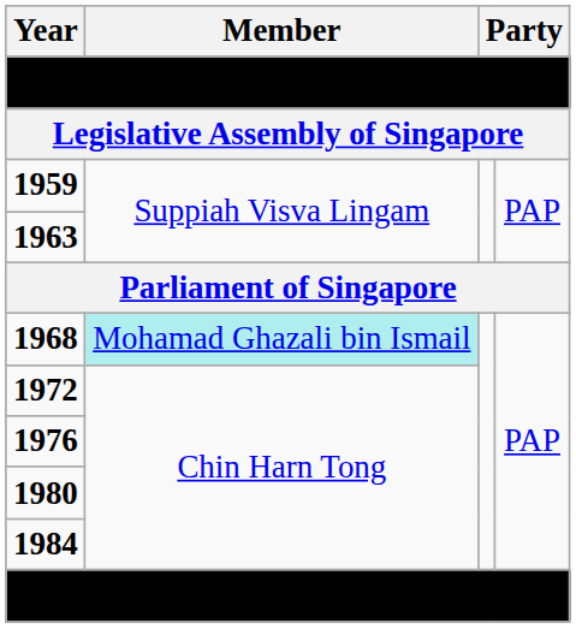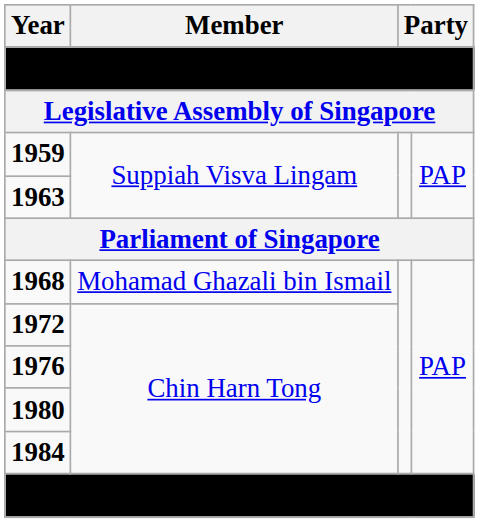 <table class="wikitable" align="center" style="text-align:center">
 <tr>
 <th>Year</th>
 <th>Member</th>
 <th colspan="2">Party</th>
 </tr>
 <tr>
 </tr>
 <tr>
 <td colspan=4 bgcolor=black><span><strong>Formation</strong></span></td>
 </tr>
 <tr>
 <th colspan="4"><a href='#'>Legislative Assembly of Singapore</a></th>
 </tr>
 <tr>
 <td><strong>1959</strong></td>
 <td rowspan="2"><a href='#'>Suppiah Visva Lingam</a></td>
 <td rowspan="2"></td>
 <td rowspan="2"><a href='#'>PAP</a></td>
 </tr>
 <tr>
 <td><strong>1963</strong></td>
 </tr>
 <tr>
 <th colspan="4"><a href='#'>Parliament of Singapore</a></th>
 </tr>
 <tr>
 <td><strong>1968</strong></td>
-<td style="background: paleturquoise;"><a href='#'>Mohamad Ghazali bin Ismail</a></td>
+<td><a href='#'>Mohamad Ghazali bin Ismail</a></td>
 <td rowspan="5"></td>
 <td rowspan="5"><a href='#'>PAP</a></td>
 </tr>
 <tr>
 <td><strong>1972</strong></td>
 <td rowspan="4"><a href='#'>Chin Harn Tong</a></td>
 </tr>
 <tr>
 <td><strong>1976</strong></td>
 </tr>
 <tr>
 <td><strong>1980</strong></td>
 </tr>
 <tr>
 <td><strong>1984</strong></td>
 </tr>
 <tr>
 <td colspan=4 bgcolor=black><span><strong>Constituency abolished (1988)</strong></span></td>
 </tr>
 </table>
